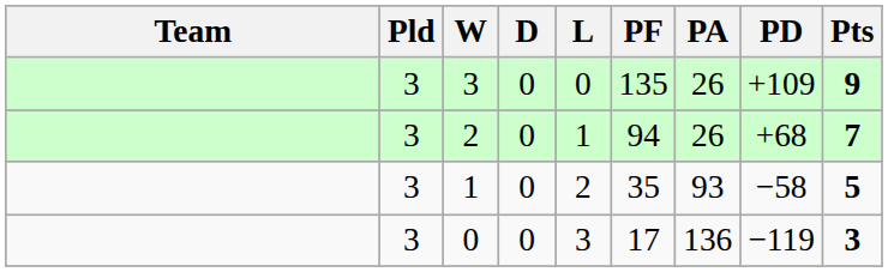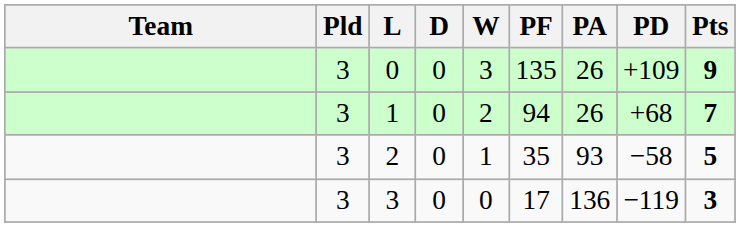 <table class="wikitable" style="text-align:center;">
 <tr>
 <th width=175>Team</th>
 <th width=20 abbr="Played">Pld</th>
+<th width=20 abbr="Lost">L</th>
+<th width=20 abbr="Drawn">D</th>
 <th width=20 abbr="Won">W</th>
-<th width=20 abbr="Drawn">D</th>
-<th width=20 abbr="Lost">L</th>
 <th width=20 abbr="Points for">PF</th>
 <th width=20 abbr="Points against">PA</th>
 <th width=25 abbr="Points difference">PD</th>
 <th width=20 abbr="Points">Pts</th>
 </tr>
 <tr style="background:#ccffcc">
 <td align=left></td>
 <td>3</td>
-<td>3</td>
 <td>0</td>
 <td>0</td>
+<td>3</td>
 <td>135</td>
 <td>26</td>
 <td>+109</td>
 <td><strong>9</strong></td>
 </tr>
 <tr style="background:#ccffcc">
 <td align=left></td>
 <td>3</td>
+<td>1</td>
+<td>0</td>
 <td>2</td>
-<td>0</td>
-<td>1</td>
 <td>94</td>
 <td>26</td>
 <td>+68</td>
 <td><strong>7</strong></td>
 </tr>
 <tr>
 <td align=left></td>
 <td>3</td>
+<td>2</td>
+<td>0</td>
 <td>1</td>
-<td>0</td>
-<td>2</td>
 <td>35</td>
 <td>93</td>
 <td>−58</td>
 <td><strong>5</strong></td>
 </tr>
 <tr>
 <td align=left></td>
 <td>3</td>
+<td>3</td>
 <td>0</td>
 <td>0</td>
-<td>3</td>
 <td>17</td>
 <td>136</td>
 <td>−119</td>
 <td><strong>3</strong></td>
 </tr>
 </table>
